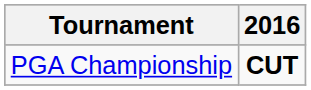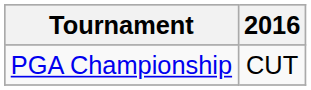 <table class="wikitable" style="font-size:95%;text-align:center;">
 <tr>
 <th>Tournament</th>
 <th>2016</th>
 </tr>
 <tr>
 <td align=left><a href='#'>PGA Championship</a></td>
-<td><strong>CUT</strong></td>
+<td>CUT</td>
 </tr>
 </table>
